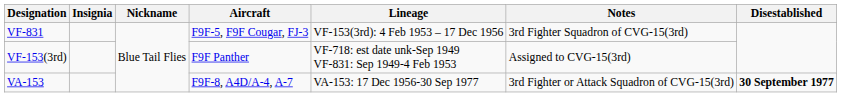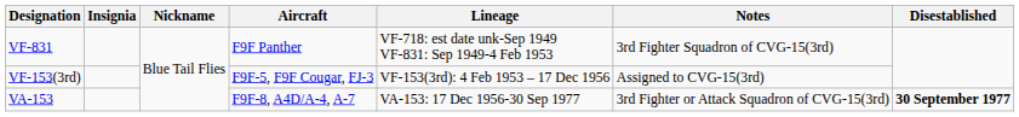 <table class="wikitable">
 <tr>
 <th>Designation</th>
 <th>Insignia</th>
 <th>Nickname</th>
 <th>Aircraft</th>
 <th>Lineage</th>
 <th>Notes</th>
 <th>Disestablished</th>
 </tr>
 <tr>
 <td><a href='#'>VF-831</a></td>
 <td></td>
 <td Rowspan="3">Blue Tail Flies</td>
-<td><a href='#'>F9F-5</a>, <a href='#'>F9F Cougar</a>, <a href='#'>FJ-3</a></td>
-<td style="white-space: nowrap;">VF-153(3rd): 4 Feb 1953 – 17 Dec 1956</td>
+<td><a href='#'>F9F Panther</a></td>
+<td>VF-718: est date unk-Sep 1949<br>VF-831: Sep 1949-4 Feb 1953</td>
 <td>3rd Fighter Squadron of CVG-15(3rd)</td>
 </tr>
 <tr>
 <td><a href='#'>VF-153</a>(3rd)</td>
 <td></td>
-<td><a href='#'>F9F Panther</a></td>
-<td>VF-718: est date unk-Sep 1949<br>VF-831: Sep 1949-4 Feb 1953</td>
+<td><a href='#'>F9F-5</a>, <a href='#'>F9F Cougar</a>, <a href='#'>FJ-3</a></td>
+<td style="white-space: nowrap;">VF-153(3rd): 4 Feb 1953 – 17 Dec 1956</td>
 <td>Assigned to CVG-15(3rd)</td>
 </tr>
 <tr>
 <td><a href='#'>VA-153</a></td>
 <td></td>
 <td><a href='#'>F9F-8</a>, <a href='#'>A4D/A-4</a>, <a href='#'>A-7</a></td>
 <td>VA-153: 17 Dec 1956-30 Sep 1977</td>
 <td>3rd Fighter or Attack Squadron of CVG-15(3rd)</td>
 <td><strong>30 September 1977</strong></td>
 </tr>
 </table>
